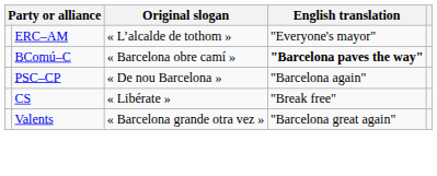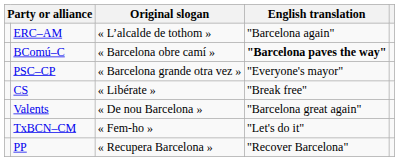 <table class="wikitable" style="text-align:left;">
 <tr>
 <th style="text-align:left;" colspan="2">Party or alliance</th>
 <th>Original slogan</th>
 <th>English translation</th>
 <th></th>
 </tr>
 <tr>
 <td width="1" style="color:inherit;background:"></td>
 <td><a href='#'>ERC–AM</a></td>
 <td>« L’alcalde de tothom »</td>
-<td>"Everyone's mayor"</td>
+<td>"Barcelona again"</td>
 <td></td>
 </tr>
 <tr>
 <td style="color:inherit;background:"></td>
 <td><a href='#'>BComú–C</a></td>
 <td>« Barcelona obre camí »</td>
 <td><strong>"Barcelona paves the way"</strong></td>
 <td></td>
 </tr>
 <tr>
 <td style="color:inherit;background:"></td>
 <td><a href='#'>PSC–CP</a></td>
-<td>« De nou Barcelona »</td>
-<td>"Barcelona again"</td>
+<td>« Barcelona grande otra vez »</td>
+<td>"Everyone's mayor"</td>
 <td></td>
 </tr>
 <tr>
 <td style="color:inherit;background:"></td>
 <td><a href='#'>CS</a></td>
 <td>« Libérate »</td>
 <td>"Break free"</td>
 <td></td>
 </tr>
 <tr>
 <td style="color:inherit;background:"></td>
 <td><a href='#'>Valents</a></td>
-<td>« Barcelona grande otra vez »</td>
+<td>« De nou Barcelona »</td>
 <td>"Barcelona great again"</td>
 <td></td>
 </tr>
+<tr>
+<td style="color:inherit;background:"></td>
+<td><a href='#'>TxBCN–CM</a></td>
+<td>« Fem-ho »</td>
+<td>"Let's do it"</td>
+<td></td>
+</tr>
+<tr>
+<td style="color:inherit;background:"></td>
+<td><a href='#'>PP</a></td>
+<td>« Recupera Barcelona »</td>
+<td>"Recover Barcelona"</td>
+<td></td>
+</tr>
 </table>
